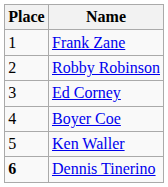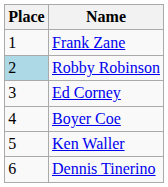 <table class="wikitable">
 <tr>
 <th>Place</th>
 <th>Name</th>
 </tr>
 <tr>
 <td>1</td>
 <td> <a href='#'>Frank Zane</a></td>
 </tr>
 <tr>
-<td>2</td>
+<td style="background: lightblue;">2</td>
 <td> <a href='#'>Robby Robinson</a></td>
 </tr>
 <tr>
 <td>3</td>
 <td> <a href='#'>Ed Corney</a></td>
 </tr>
 <tr>
 <td>4</td>
 <td> <a href='#'>Boyer Coe</a></td>
 </tr>
 <tr>
 <td>5</td>
 <td> <a href='#'>Ken Waller</a></td>
 </tr>
 <tr>
-<td><strong>6</strong></td>
+<td>6</td>
 <td> <a href='#'>Dennis Tinerino</a></td>
 </tr>
 </table>
